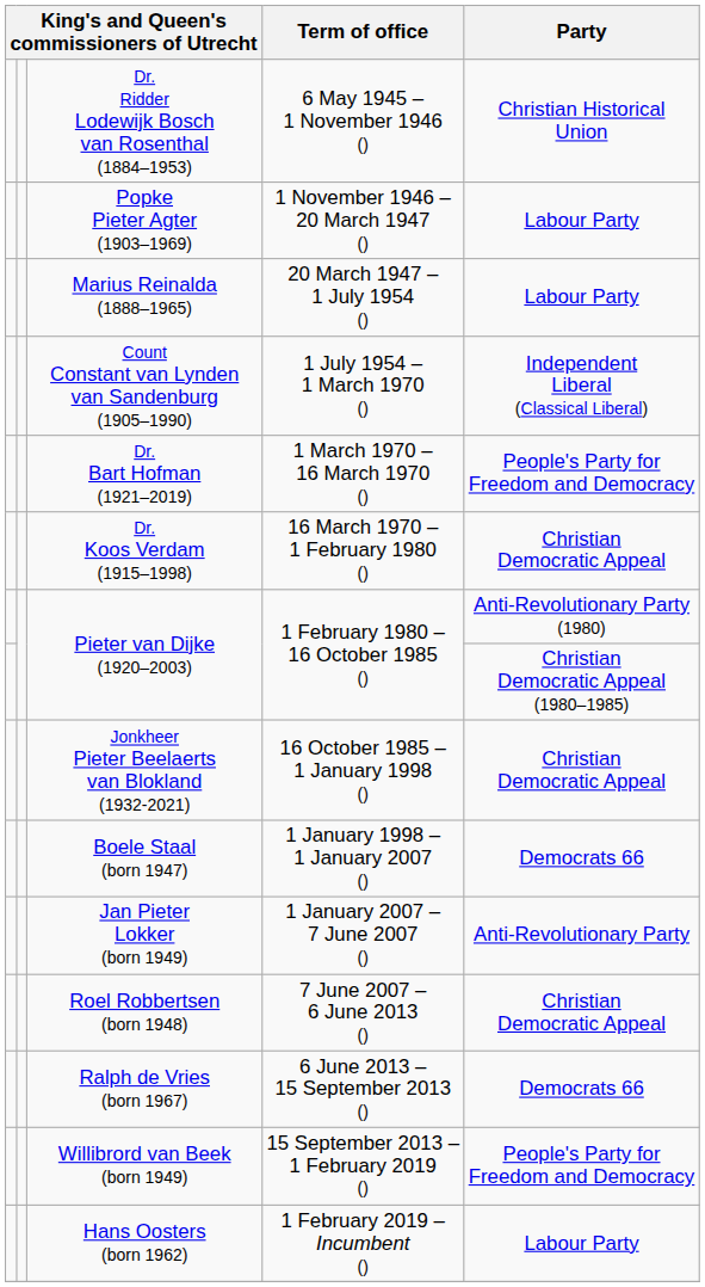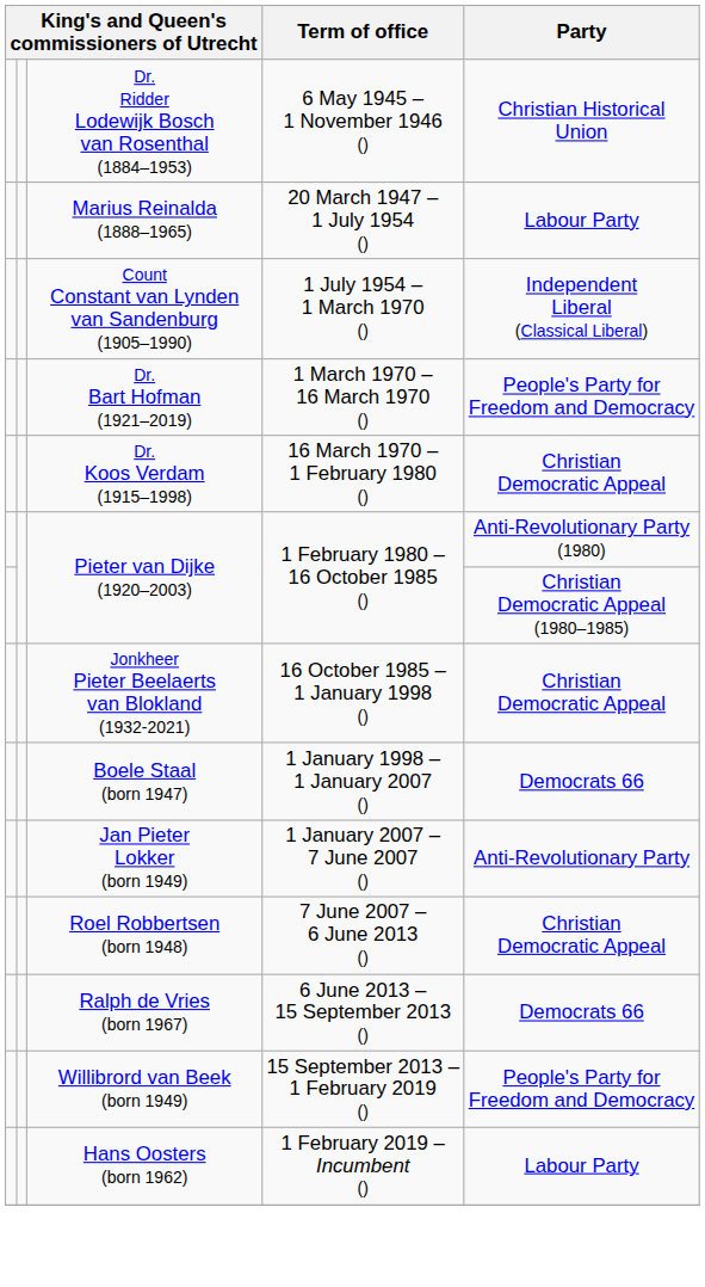 <table class="wikitable" style="text-align:center">
 <tr>
 <th colspan=3>King's and Queen's <br> commissioners of Utrecht</th>
 <th>Term of office</th>
 <th>Party</th>
 </tr>
 <tr>
 <td style="background:"></td>
 <td></td>
 <td><small><a href='#'>Dr.</a></small> <br> <small><a href='#'>Ridder</a></small> <br> <a href='#'>Lodewijk Bosch <br> van Rosenthal</a> <br> <small>(1884–1953)</small></td>
 <td>6 May 1945 – <br> 1 November 1946 <br> <small>()</small> <br> </td>
 <td><a href='#'>Christian Historical <br> Union</a></td>
-</tr>
-<tr>
-<td style="background:"></td>
-<td></td>
-<td><a href='#'>Popke <br> Pieter Agter</a> <br> <small>(1903–1969)</small></td>
-<td>1 November 1946 – <br> 20 March 1947 <br> <small>()</small> <br> </td>
-<td><a href='#'>Labour Party</a></td>
 </tr>
 <tr>
 <td style="background:"></td>
 <td></td>
 <td><a href='#'>Marius Reinalda</a> <br> <small>(1888–1965)</small></td>
 <td>20 March 1947 – <br> 1 July 1954 <br> <small>()</small></td>
 <td><a href='#'>Labour Party</a></td>
 </tr>
 <tr>
 <td style="background:"></td>
 <td></td>
 <td><small><a href='#'>Count</a></small> <br> <a href='#'>Constant van Lynden <br> van Sandenburg</a> <br> <small>(1905–1990)</small></td>
 <td>1 July 1954 – <br> 1 March 1970 <br> <small>()</small></td>
 <td><a href='#'>Independent <br> Liberal</a> <br> <small>(<a href='#'>Classical Liberal</a>)</small></td>
 </tr>
 <tr>
 <td style="background:"></td>
 <td></td>
 <td><small><a href='#'>Dr.</a></small> <br> <a href='#'>Bart Hofman</a> <br> <small>(1921–2019)</small></td>
 <td>1 March 1970 – <br> 16 March 1970 <br> <small>()</small> <br> </td>
 <td><a href='#'>People's Party for <br> Freedom and Democracy</a></td>
 </tr>
 <tr>
 <td style="background:"></td>
 <td></td>
 <td><small><a href='#'>Dr.</a></small> <br> <a href='#'>Koos Verdam</a> <br> <small>(1915–1998)</small></td>
 <td>16 March 1970 – <br> 1 February 1980 <br> <small>()</small></td>
 <td><a href='#'>Christian <br> Democratic Appeal</a></td>
 </tr>
 <tr>
 <td style="background:"></td>
 <td rowspan=2></td>
 <td rowspan=2><a href='#'>Pieter van Dijke</a> <br> <small>(1920–2003)</small></td>
 <td rowspan=2>1 February 1980 – <br> 16 October 1985 <br> <small>()</small></td>
 <td><a href='#'>Anti-Revolutionary Party</a> <br> <small>(1980)</small></td>
 </tr>
 <tr>
 <td style="background:"></td>
 <td><a href='#'>Christian <br> Democratic Appeal</a> <br> <small>(1980–1985)</small></td>
 </tr>
 <tr>
 <td style="background:"></td>
 <td></td>
 <td><small><a href='#'>Jonkheer</a></small> <br> <a href='#'>Pieter Beelaerts <br> van Blokland</a> <br> <small>(1932-2021)</small></td>
 <td>16 October 1985 – <br> 1 January 1998 <br> <small>()</small></td>
 <td><a href='#'>Christian <br> Democratic Appeal</a></td>
 </tr>
 <tr>
 <td style="background:"></td>
 <td></td>
 <td><a href='#'>Boele Staal</a> <br> <small>(born 1947)</small></td>
 <td>1 January 1998 – <br> 1 January 2007 <br> <small>()</small></td>
 <td><a href='#'>Democrats 66</a></td>
 </tr>
 <tr>
 <td style="background:"></td>
 <td></td>
 <td><a href='#'>Jan Pieter <br> Lokker</a> <br> <small>(born 1949)</small></td>
 <td>1 January 2007 – <br> 7 June 2007 <br> <small>()</small> <br> </td>
 <td><a href='#'>Anti-Revolutionary Party</a></td>
 </tr>
 <tr>
 <td style="background:"></td>
 <td></td>
 <td><a href='#'>Roel Robbertsen</a> <br> <small>(born 1948)</small></td>
 <td>7 June 2007 – <br> 6 June 2013 <br> <small>()</small> <br> </td>
 <td><a href='#'>Christian <br> Democratic Appeal</a></td>
 </tr>
 <tr>
 <td style="background:"></td>
 <td></td>
 <td><a href='#'>Ralph de Vries</a> <br> <small>(born 1967)</small></td>
 <td>6 June 2013 – <br> 15 September 2013 <br> <small>()</small> <br> </td>
 <td><a href='#'>Democrats 66</a></td>
 </tr>
 <tr>
 <td style="background:"></td>
 <td></td>
 <td><a href='#'>Willibrord van Beek</a> <br> <small>(born 1949)</small></td>
 <td>15 September 2013 – <br> 1 February 2019 <br> <small>()</small> <br> </td>
 <td><a href='#'>People's Party for <br> Freedom and Democracy</a></td>
 </tr>
 <tr>
 <td style="background:"></td>
 <td></td>
 <td><a href='#'>Hans Oosters</a> <br> <small>(born 1962)</small></td>
 <td>1 February 2019 – <br> <em>Incumbent</em> <br> <small>()</small></td>
 <td><a href='#'>Labour Party</a></td>
 </tr>
 <tr>
 </tr>
 </table>
